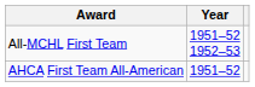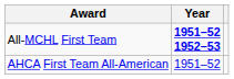 <table class="wikitable">
 <tr>
 <th>Award</th>
 <th>Year</th>
 <th></th>
 </tr>
 <tr>
 <td>All-<a href='#'>MCHL</a> <a href='#'>First Team</a></td>
-<td><a href='#'>1951–52</a><br><a href='#'>1952–53</a></td>
+<td><strong><a href='#'>1951–52</a><br><a href='#'>1952–53</a></strong></td>
 <td></td>
 </tr>
 <tr>
 <td><a href='#'>AHCA</a> <a href='#'>First Team All-American</a></td>
 <td><a href='#'>1951–52</a></td>
 <td></td>
 </tr>
 </table>
